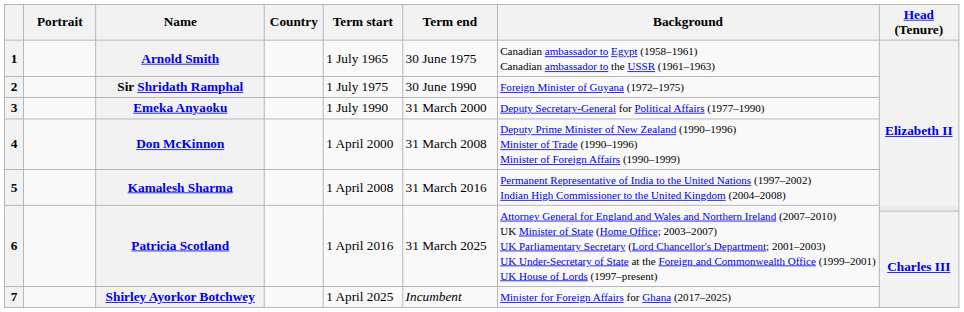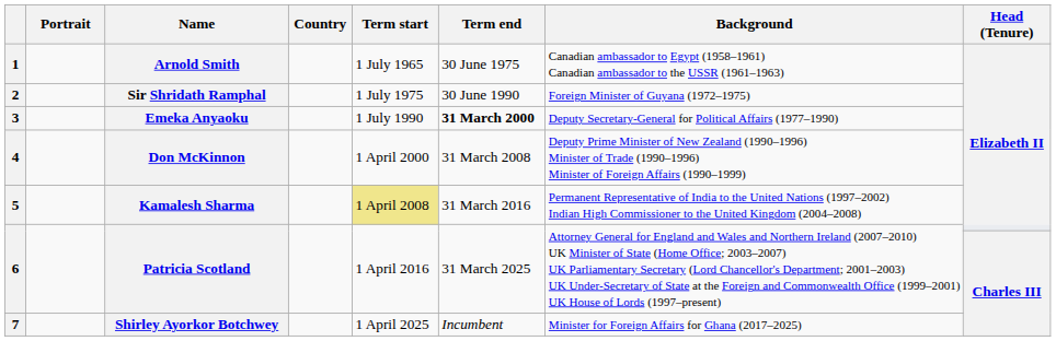 <table class="wikitable">
 <tr>
 <th width=2%></th>
 <th width=80px>Portrait</th>
 <th>Name</th>
 <th>Country</th>
 <th>Term start</th>
 <th>Term end</th>
 <th width=40%>Background</th>
 <th><a href='#'>Head</a><br>(Tenure)</th>
 </tr>
 <tr>
 <th style="text-align:center">1</th>
 <td></td>
 <th style="text-align:center"><a href='#'>Arnold Smith</a></th>
 <td></td>
 <td>1 July 1965</td>
 <td>30 June 1975</td>
 <td><small>Canadian <a href='#'>ambassador to</a> <a href='#'>Egypt</a> (1958–1961)<br>Canadian <a href='#'>ambassador to</a> the <a href='#'>USSR</a> (1961–1963)</small></td>
 <th rowspan="5" style="border-style: solid solid none solid ;"><br><a href='#'>Elizabeth II</a><br></th>
 </tr>
 <tr>
 <th style="text-align:center">2</th>
 <td></td>
 <th style="text-align:center">Sir <a href='#'>Shridath Ramphal</a></th>
 <td></td>
 <td>1 July 1975</td>
 <td>30 June 1990</td>
 <td><small><a href='#'>Foreign Minister of Guyana</a> (1972–1975)</small></td>
 </tr>
 <tr>
 <th style="text-align:center">3</th>
 <td></td>
 <th style="text-align:center"><a href='#'>Emeka Anyaoku</a></th>
 <td></td>
 <td>1 July 1990</td>
-<td>31 March 2000</td>
+<td><strong>31 March 2000</strong></td>
 <td><small><a href='#'>Deputy Secretary-General</a> for <a href='#'>Political Affairs</a> (1977–1990)</small></td>
 </tr>
 <tr>
 <th style="text-align:center">4</th>
 <td></td>
 <th style="text-align:center"><a href='#'>Don McKinnon</a></th>
 <td></td>
 <td>1 April 2000</td>
 <td>31 March 2008</td>
 <td><small><a href='#'>Deputy Prime Minister of New Zealand</a> (1990–1996)<br><a href='#'>Minister of Trade</a> (1990–1996)<br><a href='#'>Minister of Foreign Affairs</a> (1990–1999)</small></td>
 </tr>
 <tr>
 <th style="text-align:center">5</th>
 <td></td>
 <th style="text-align:center"><a href='#'>Kamalesh Sharma</a></th>
 <td></td>
-<td>1 April 2008</td>
+<td style="background: khaki;">1 April 2008</td>
 <td>31 March 2016</td>
 <td><small><a href='#'>Permanent Representative of India to the United Nations</a> (1997–2002)<br><a href='#'>Indian High Commissioner to the United Kingdom</a> (2004–2008)</small></td>
 </tr>
 <tr>
 <th rowspan="2" style="text-align:center">6</th>
 <td rowspan="2"></td>
 <th rowspan="2" style="text-align:center"><a href='#'>Patricia Scotland<br></a></th>
 <td rowspan="2"><br></td>
 <td rowspan="2">1 April 2016</td>
 <td rowspan="2">31 March 2025</td>
 <td rowspan="2"><small><a href='#'>Attorney General for England and Wales and Northern Ireland</a> (2007–2010)<br> UK <a href='#'>Minister of State</a> (<a href='#'>Home Office</a>; 2003–2007)<br> <a href='#'>UK Parliamentary Secretary</a> (<a href='#'>Lord Chancellor's Department</a>; 2001–2003)<br> <a href='#'>UK Under-Secretary of State</a> at the <a href='#'>Foreign and Commonwealth Office</a> (1999–2001)<br> <a href='#'>UK House of Lords</a> (1997–present)</small></td>
 <td style="background:#eaecf0 ; border-style: none solid solid solid ;"></td>
 </tr>
 <tr>
 <th rowspan="2"><br><a href='#'>Charles III</a><br></th>
 </tr>
 <tr>
 <th style="text-align:center">7</th>
 <td></td>
 <th style="text-align:center"><a href='#'>Shirley Ayorkor Botchwey</a></th>
 <td></td>
 <td>1 April 2025</td>
 <td><em>Incumbent</em></td>
 <td><small><a href='#'>Minister for Foreign Affairs</a> for <a href='#'>Ghana</a> (2017–2025)</small></td>
 </tr>
 </table>
